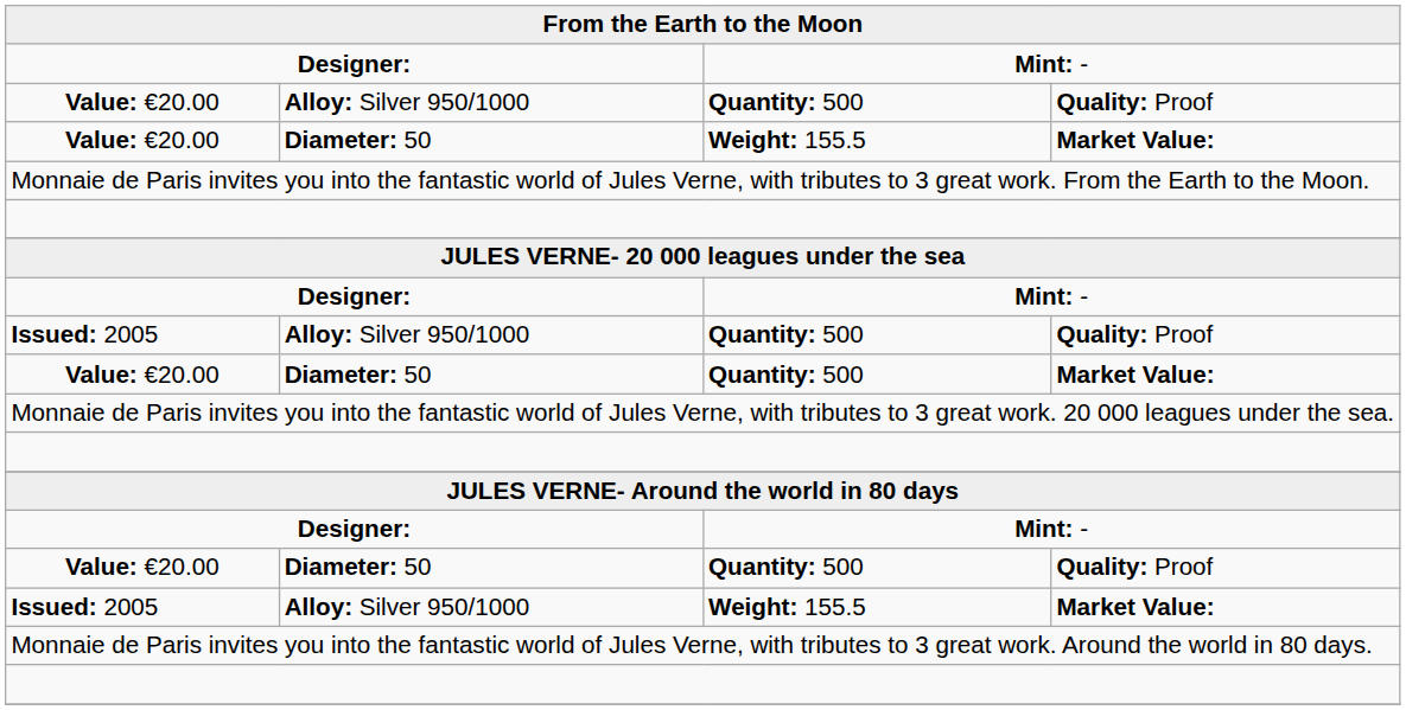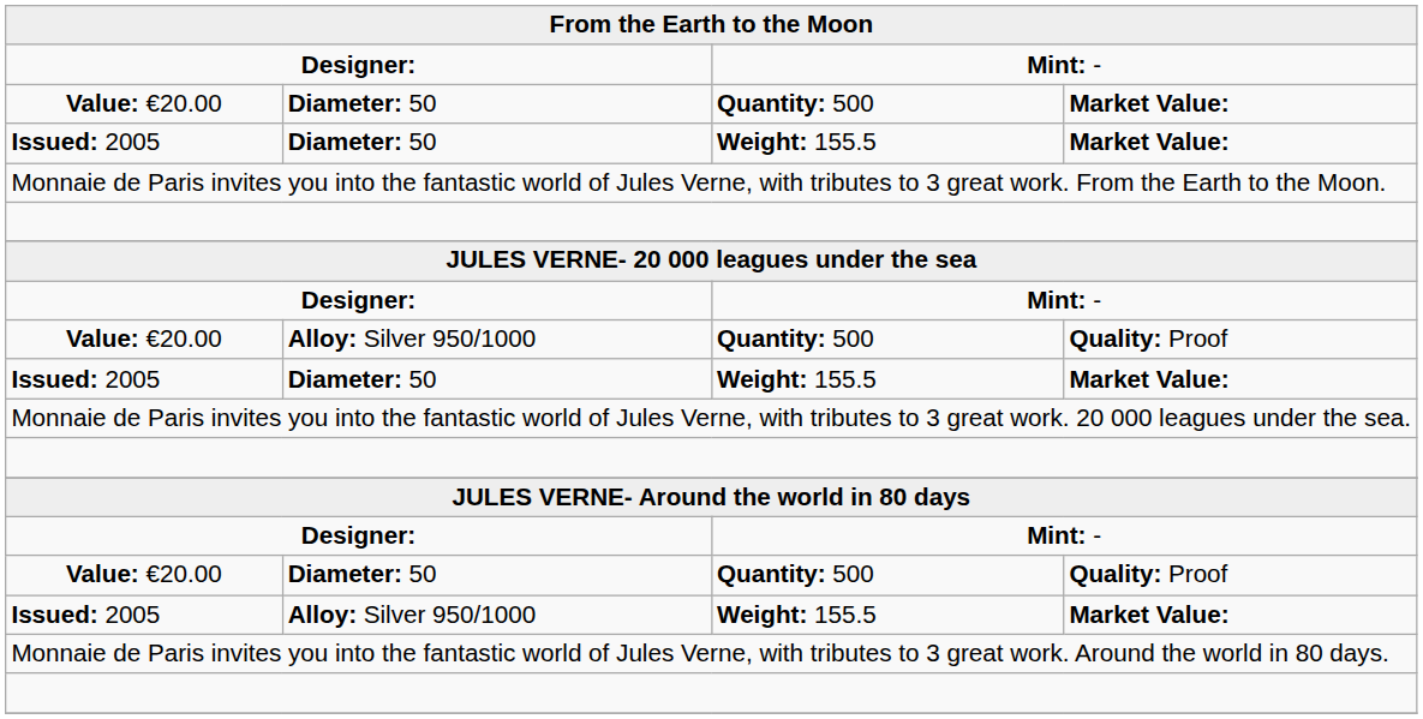 <table class="wikitable">
 <tr>
 <th colspan="4" align=center style="background:#eeeeee;">From the Earth to the Moon</th>
 </tr>
 <tr>
 <td colspan="2" width="50%" align=center><strong>Designer:</strong></td>
 <td colspan="2" width="50%" align=center><strong>Mint:</strong> -</td>
 </tr>
 <tr>
 <td align=center><strong>Value:</strong>	€20.00</td>
-<td><strong>Alloy:</strong>	Silver 950/1000</td>
+<td><strong>Diameter:</strong>	50</td>
 <td><strong>Quantity:</strong>	500</td>
-<td><strong>Quality:</strong>	Proof</td>
+<td><strong>Market Value:</strong></td>
 </tr>
 <tr>
-<td align=center><strong>Value:</strong>	€20.00</td>
+<td><strong>Issued:</strong>	2005</td>
 <td><strong>Diameter:</strong>	50</td>
 <td><strong>Weight:</strong>	155.5</td>
 <td><strong>Market Value:</strong></td>
 </tr>
 <tr>
 <td colspan="4" align=left>Monnaie de Paris invites you into the fantastic world of Jules Verne, with tributes to 3 great work. From the Earth to the Moon.</td>
 </tr>
 <tr>
 <td colspan="4"> </td>
 </tr>
 <tr>
 </tr>
 <tr>
 <th colspan="4" align=center style="background:#eeeeee;">JULES VERNE- 20 000 leagues under the sea</th>
 </tr>
 <tr>
 <td colspan="2" width="50%" align=center><strong>Designer:</strong></td>
 <td colspan="2" width="50%" align=center><strong>Mint:</strong> -</td>
 </tr>
 <tr>
-<td><strong>Issued:</strong>	2005</td>
+<td align=center><strong>Value:</strong>	€20.00</td>
 <td><strong>Alloy:</strong>	Silver 950/1000</td>
 <td><strong>Quantity:</strong>	500</td>
 <td><strong>Quality:</strong>	Proof</td>
 </tr>
 <tr>
-<td align=center><strong>Value:</strong>	€20.00</td>
+<td><strong>Issued:</strong>	2005</td>
 <td><strong>Diameter:</strong>	50</td>
-<td><strong>Quantity:</strong>	500</td>
+<td><strong>Weight:</strong>	155.5</td>
 <td><strong>Market Value:</strong></td>
 </tr>
 <tr>
 <td colspan="4" align=left>Monnaie de Paris invites you into the fantastic world of Jules Verne, with tributes to 3 great work. 20 000 leagues under the sea.</td>
 </tr>
 <tr>
 <td colspan="4"> </td>
 </tr>
 <tr>
 </tr>
 <tr>
 <th colspan="4" align=center style="background:#eeeeee;">JULES VERNE- Around the world in 80 days</th>
 </tr>
 <tr>
 <td colspan="2" width="50%" align=center><strong>Designer:</strong></td>
 <td colspan="2" width="50%" align=center><strong>Mint:</strong> -</td>
 </tr>
 <tr>
 <td align=center><strong>Value:</strong>	€20.00</td>
 <td><strong>Diameter:</strong>	50</td>
 <td><strong>Quantity:</strong>	500</td>
 <td><strong>Quality:</strong>	Proof</td>
 </tr>
 <tr>
 <td><strong>Issued:</strong>	2005</td>
 <td><strong>Alloy:</strong>	Silver 950/1000</td>
 <td><strong>Weight:</strong>	155.5</td>
 <td><strong>Market Value:</strong></td>
 </tr>
 <tr>
 <td colspan="4" align=left>Monnaie de Paris invites you into the fantastic world of Jules Verne, with tributes to 3 great work. Around the world in 80 days.</td>
 </tr>
 <tr>
 <td colspan="4"> </td>
 </tr>
 <tr>
 </tr>
 </table>
